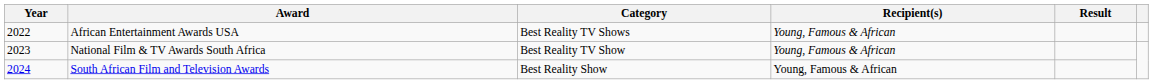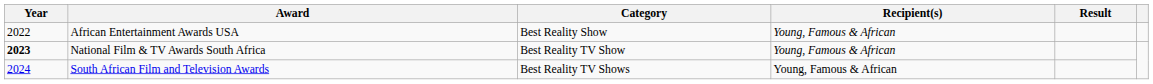 <table class="wikitable sortable plainrowheaders" style="width:99%;">
 <tr>
 <th scope="col">Year</th>
 <th scope="col">Award</th>
 <th scope="col">Category</th>
 <th scope="col">Recipient(s)</th>
 <th scope="col">Result</th>
 <th scope="col" class="unsortable"></th>
 </tr>
 <tr>
 <td>2022</td>
 <td>African Entertainment Awards USA</td>
-<td>Best Reality TV Shows</td>
+<td>Best Reality Show</td>
 <td><em>Young, Famous & African</em></td>
 <td></td>
 <td></td>
 </tr>
 <tr>
-<td>2023</td>
+<td><strong>2023</strong></td>
 <td>National Film & TV Awards South Africa</td>
 <td>Best Reality TV Show</td>
 <td><em>Young, Famous & African</em></td>
 <td></td>
 </tr>
 <tr>
 <td><a href='#'>2024</a></td>
 <td><a href='#'>South African Film and Television Awards</a></td>
-<td>Best Reality Show</td>
+<td>Best Reality TV Shows</td>
 <td>Young, Famous & African</td>
 <td></td>
 </tr>
 </table>
